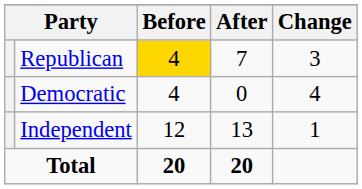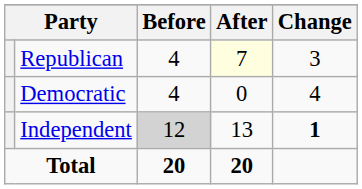 <table class="wikitable" style="text-align:center;">
 <tr>
 </tr>
 <tr>
 <th colspan=2>Party</th>
 <th>Before</th>
 <th>After</th>
 <th>Change</th>
 </tr>
 <tr>
 <th style="background-color:"></th>
 <td style="text-align:left;"><a href='#'>Republican</a></td>
-<td style="background: gold;">4</td>
-<td>7</td>
+<td>4</td>
+<td style="background: lightyellow;">7</td>
 <td> 3</td>
 </tr>
 <tr>
 <th style="background-color:"></th>
 <td style="text-align:left;"><a href='#'>Democratic</a></td>
 <td>4</td>
 <td>0</td>
 <td> 4</td>
 </tr>
 <tr>
 <th style="background-color:"></th>
 <td style="text-align:left;"><a href='#'>Independent</a></td>
-<td>12</td>
+<td style="background: lightgrey;">12</td>
 <td>13</td>
-<td> 1</td>
+<td><strong> 1</strong></td>
 </tr>
 <tr>
 <td colspan=2><strong>Total</strong></td>
 <td><strong>20</strong></td>
 <td><strong>20</strong></td>
 <td></td>
 </tr>
 </table>
